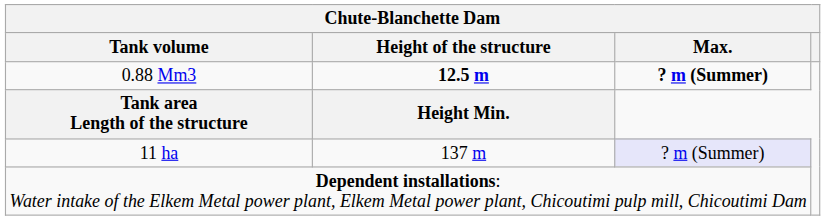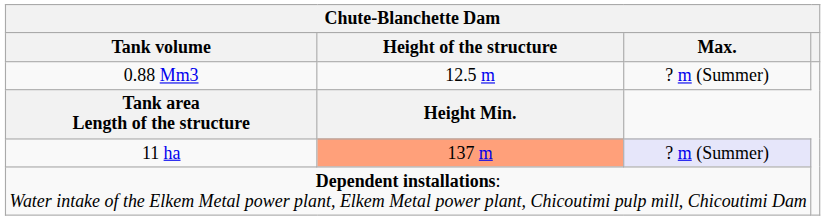 <table class = "wikitable" style = "text-align: center; margin-left: 1em; cellpadding: 2px">
 <tr>
 <th colspan = "4" style = "font-size: #eaeaea">Chute-Blanchette Dam</th>
 </tr>
 <tr style = "height: 20px">
 <th>Tank volume</th>
 <th>Height of the structure</th>
 <th>Max.</th>
 <th Colspan = 5></th>
 </tr>
 <tr style = "height: 25px">
 <td>0.88 <a href='#'>Mm3</a></td>
-<td><strong>12.5 <a href='#'>m</a></strong></td>
-<td><strong>? <a href='#'>m</a> (Summer)</strong></td>
+<td>12.5 <a href='#'>m</a></td>
+<td>? <a href='#'>m</a> (Summer)</td>
 </tr>
 <tr style = "height: 20px">
 <th>Tank area<br>Length of the structure</th>
 <th>Height Min.</th>
 </tr>
 <tr style = "height: 25px">
 <td>11 <a href='#'>ha</a></td>
-<td>137 <a href='#'>m</a></td>
+<td style="background: lightsalmon;">137 <a href='#'>m</a></td>
 <td style="background: lavender;">? <a href='#'>m</a> (Summer)</td>
 </tr>
 <tr style = "height: 20px">
 <td colspan = "3" style = "font-size: #eaeaea"><strong>Dependent installations</strong>: <br> <em> Water intake of the Elkem Metal power plant, Elkem Metal power plant, Chicoutimi pulp mill, Chicoutimi Dam </em></td>
 </tr>
 </table>
